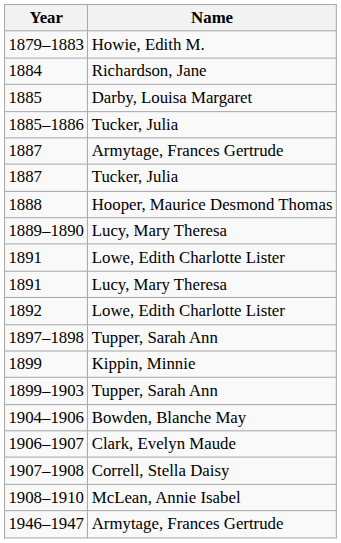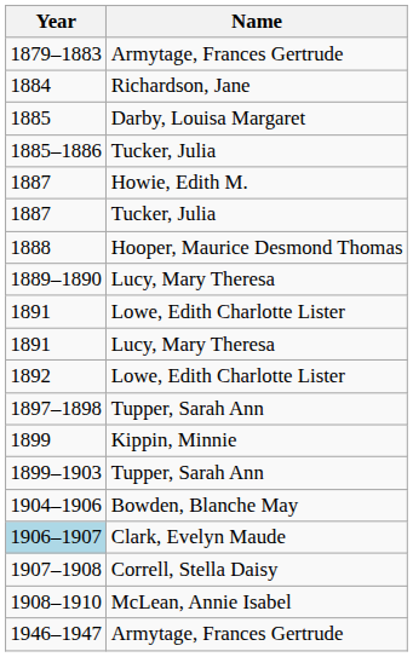 <table class="wikitable">
 <tr>
 <th>Year</th>
 <th>Name</th>
 </tr>
 <tr>
 <td>1879–1883</td>
-<td>Howie, Edith M.</td>
+<td>Armytage, Frances Gertrude</td>
 </tr>
 <tr>
 <td>1884</td>
 <td>Richardson, Jane</td>
 </tr>
 <tr>
 <td>1885</td>
 <td>Darby, Louisa Margaret</td>
 </tr>
 <tr>
 <td>1885–1886</td>
 <td>Tucker, Julia</td>
 </tr>
 <tr>
 <td>1887</td>
-<td>Armytage, Frances Gertrude</td>
+<td>Howie, Edith M.</td>
 </tr>
 <tr>
 <td>1887</td>
 <td>Tucker, Julia</td>
 </tr>
 <tr>
 <td>1888</td>
 <td>Hooper, Maurice Desmond Thomas</td>
 </tr>
 <tr>
 <td>1889–1890</td>
 <td>Lucy, Mary Theresa</td>
 </tr>
 <tr>
 <td>1891</td>
 <td>Lowe, Edith Charlotte Lister</td>
 </tr>
 <tr>
 <td>1891</td>
 <td>Lucy, Mary Theresa</td>
 </tr>
 <tr>
 <td>1892</td>
 <td>Lowe, Edith Charlotte Lister</td>
 </tr>
 <tr>
 <td>1897–1898</td>
 <td>Tupper, Sarah Ann</td>
 </tr>
 <tr>
 <td>1899</td>
 <td>Kippin, Minnie</td>
 </tr>
 <tr>
 <td>1899–1903</td>
 <td>Tupper, Sarah Ann</td>
 </tr>
 <tr>
 <td>1904–1906</td>
 <td>Bowden, Blanche May</td>
 </tr>
 <tr>
-<td>1906–1907</td>
+<td style="background: lightblue;">1906–1907</td>
 <td>Clark, Evelyn Maude</td>
 </tr>
 <tr>
 <td>1907–1908</td>
 <td>Correll, Stella Daisy</td>
 </tr>
 <tr>
 <td>1908–1910</td>
 <td>McLean, Annie Isabel</td>
 </tr>
 <tr>
 <td>1946–1947</td>
 <td>Armytage, Frances Gertrude</td>
 </tr>
 </table>
